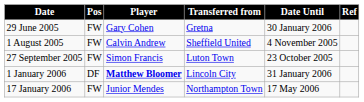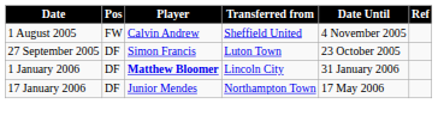 <table class="wikitable plainrowheaders sortable">
 <tr>
 <th style="background:#000000; color:#FFFFFF; ">Date</th>
 <th style="background:#000000; color:#FFFFff; ">Pos</th>
 <th style="background:#000000; color:#FFFFff; ">Player</th>
 <th style="background:#000000; color:#FFFFff; ">Transferred from</th>
 <th style="background:#000000; color:#FFFFff; ">Date Until</th>
 <th style="background:#000000; color:#FFFFff; ">Ref</th>
-</tr>
-<tr>
-<td>29 June 2005</td>
-<td>FW</td>
-<td> <a href='#'>Gary Cohen</a></td>
-<td> <a href='#'>Gretna</a></td>
-<td>30 January 2006</td>
-<td></td>
 </tr>
 <tr>
 <td>1 August 2005</td>
 <td>FW</td>
 <td> <a href='#'>Calvin Andrew</a></td>
 <td> <a href='#'>Sheffield United</a></td>
 <td>4 November 2005</td>
 <td></td>
 </tr>
 <tr>
 <td>27 September 2005</td>
-<td>FW</td>
+<td>DF</td>
 <td> <a href='#'>Simon Francis</a></td>
 <td> <a href='#'>Luton Town</a></td>
 <td>23 October 2005</td>
 <td></td>
 </tr>
 <tr>
 <td>1 January 2006</td>
 <td>DF</td>
 <td><strong> <a href='#'>Matthew Bloomer</a></strong></td>
 <td> <a href='#'>Lincoln City</a></td>
 <td>31 January 2006</td>
 <td></td>
 </tr>
 <tr>
 <td>17 January 2006</td>
-<td>FW</td>
+<td>DF</td>
 <td> <a href='#'>Junior Mendes</a></td>
 <td> <a href='#'>Northampton Town</a></td>
 <td>17 May 2006</td>
 <td></td>
 </tr>
 </table>
